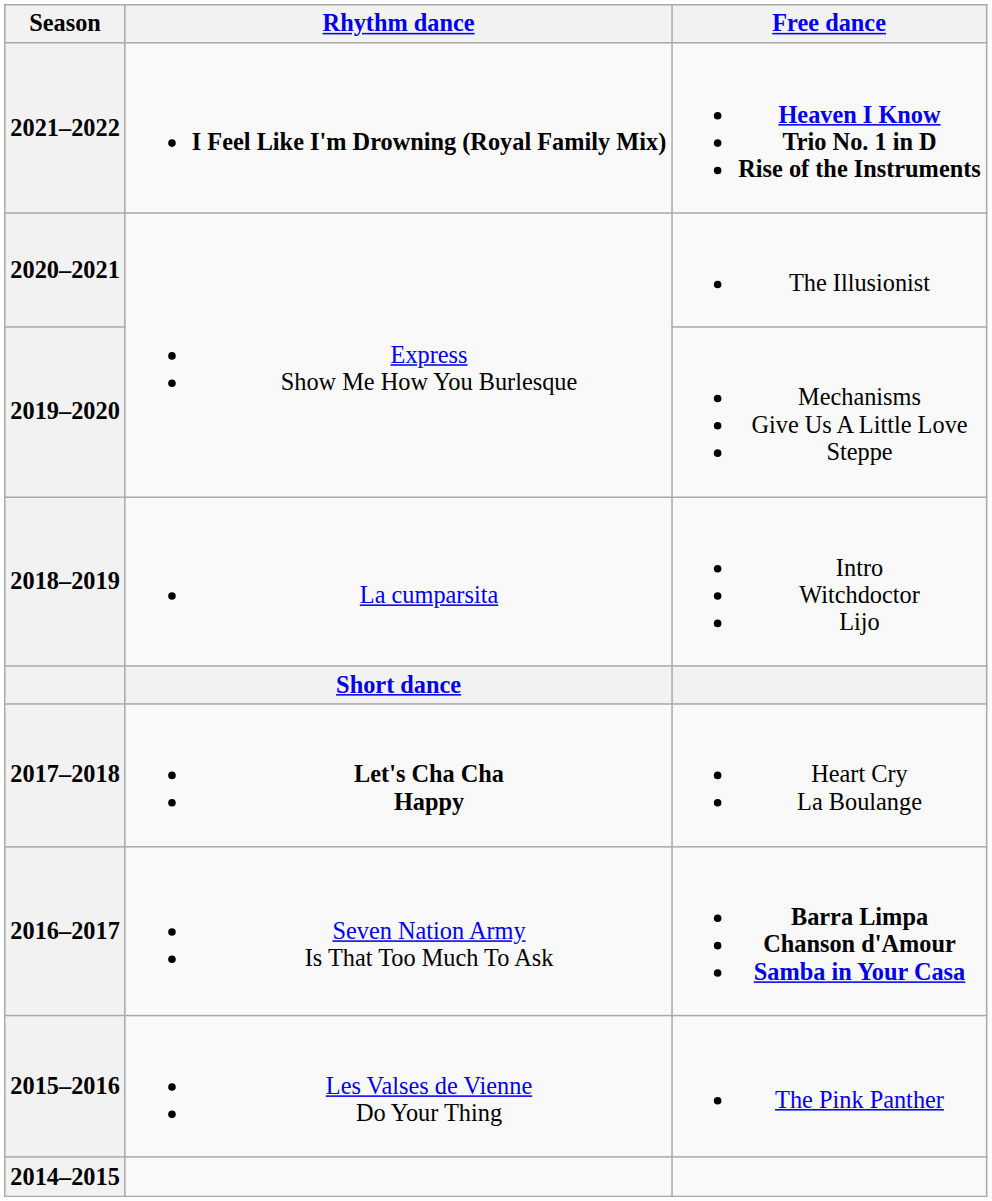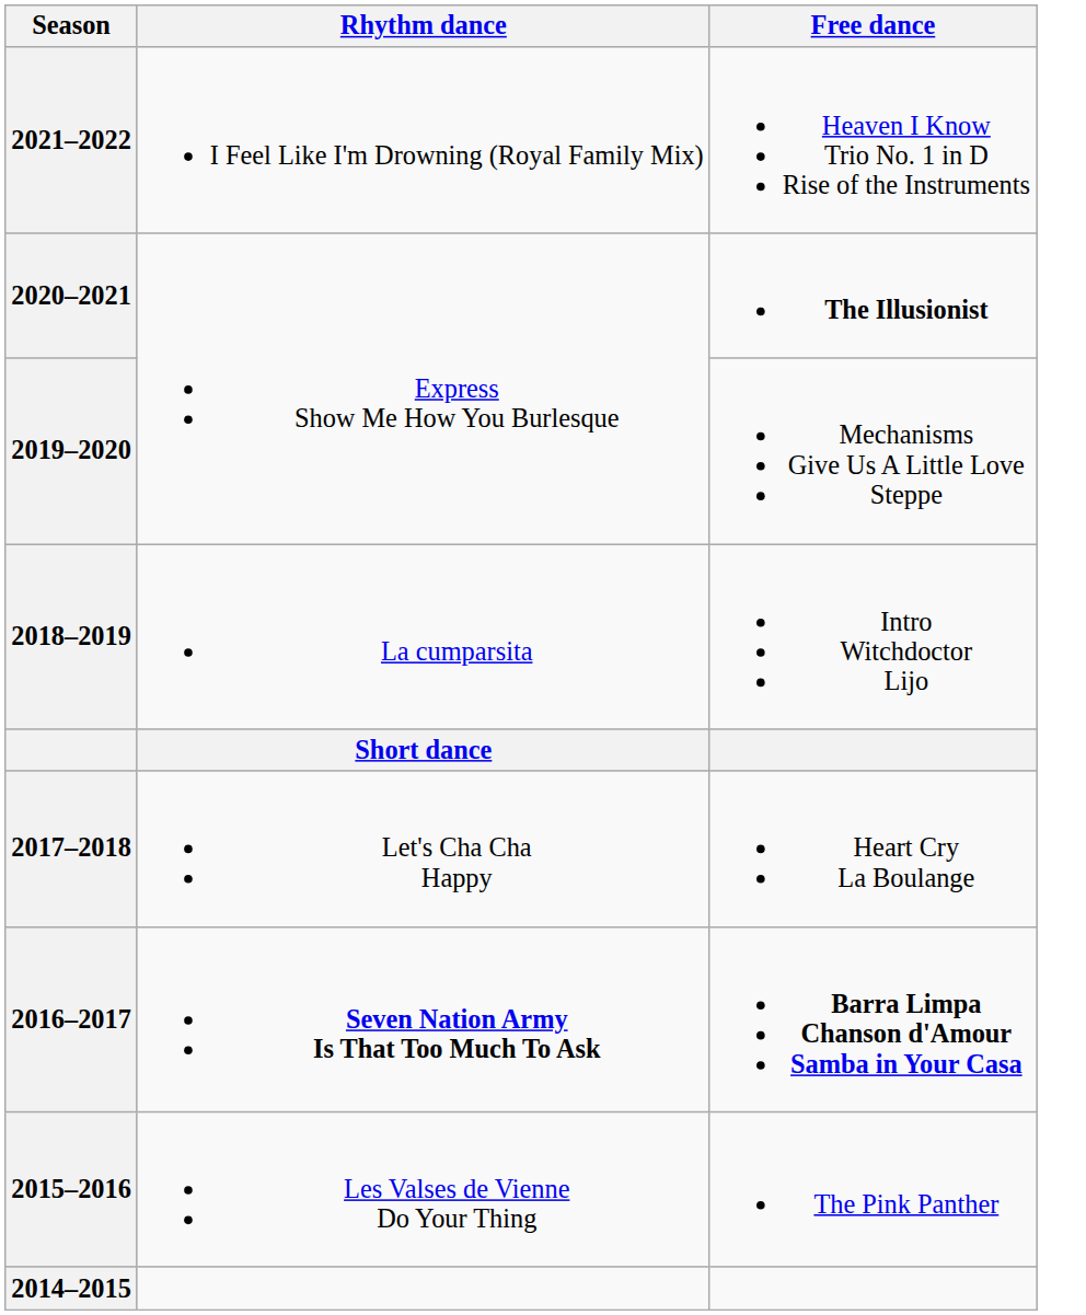 <table class=wikitable style=text-align:center>
 <tr>
 <th>Season</th>
 <th><a href='#'>Rhythm dance</a></th>
 <th><a href='#'>Free dance</a></th>
 </tr>
 <tr>
 <th>2021–2022 <br></th>
-<td><strong><br><ul><li>I Feel Like I'm Drowning (Royal Family Mix) <br> </li></ul></strong></td>
-<td><strong><br><ul><li><a href='#'>Heaven I Know</a> <br> </li><li>Trio No. 1 in D <br> </li><li>Rise of the Instruments <br> </li></ul></strong></td>
+<td><br><ul><li>I Feel Like I'm Drowning (Royal Family Mix) <br> </li></ul></td>
+<td><br><ul><li><a href='#'>Heaven I Know</a> <br> </li><li>Trio No. 1 in D <br> </li><li>Rise of the Instruments <br> </li></ul></td>
 </tr>
 <tr>
 <th>2020–2021 <br></th>
 <td rowspan=2><br><ul><li> <a href='#'>Express</a></li><li> Show Me How You Burlesque <br> </li></ul></td>
-<td><br><ul><li>The Illusionist <br> </li></ul></td>
+<td><strong><br><ul><li>The Illusionist <br> </li></ul></strong></td>
 </tr>
 <tr>
 <th>2019–2020 <br></th>
 <td><br><ul><li>Mechanisms <br> </li><li>Give Us A Little Love <br> </li><li>Steppe <br> </li></ul></td>
 </tr>
 <tr>
 <th>2018–2019 <br></th>
 <td><br><ul><li> <a href='#'>La cumparsita</a> <br></li></ul></td>
 <td><br><ul><li>Intro <br></li><li>Witchdoctor <br></li><li>Lijo <br></li></ul></td>
 </tr>
 <tr>
 <th></th>
 <th><a href='#'>Short dance</a></th>
 <th></th>
 </tr>
 <tr>
 <th>2017–2018 <br></th>
-<td><strong><br><ul><li> Let's Cha Cha <br></li><li> Happy <br></li></ul></strong></td>
+<td><br><ul><li> Let's Cha Cha <br></li><li> Happy <br></li></ul></td>
 <td><br><ul><li>Heart Cry <br></li><li>La Boulange <br></li></ul></td>
 </tr>
 <tr>
 <th>2016–2017 <br></th>
-<td><br><ul><li> <a href='#'>Seven Nation Army</a> <br></li><li> Is That Too Much To Ask <br></li></ul></td>
+<td><strong><br><ul><li> <a href='#'>Seven Nation Army</a> <br></li><li> Is That Too Much To Ask <br></li></ul></strong></td>
 <td><strong><br><ul><li>Barra Limpa <br></li><li>Chanson d'Amour <br></li><li><a href='#'>Samba in Your Casa</a> <br></li></ul></strong></td>
 </tr>
 <tr>
 <th>2015–2016 <br></th>
 <td><br><ul><li> <a href='#'>Les Valses de Vienne</a> <br></li><li> Do Your Thing <br></li></ul></td>
 <td><br><ul><li><a href='#'>The Pink Panther</a> <br></li></ul></td>
 </tr>
 <tr>
 <th>2014–2015</th>
 <td></td>
 <td></td>
 </tr>
 </table>
